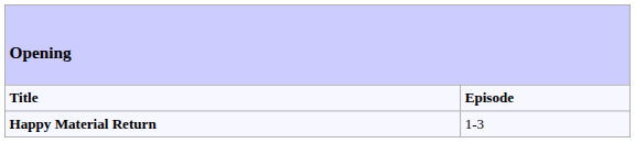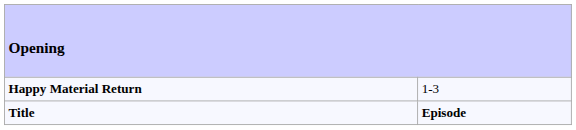 <table border="" cellpadding="4" cellspacing="0" width="100%" style="border: 1px #aaaaaa solid; border-collapse: collapse; padding: 0.2em; margin: 1em 1em 1em 0; background: #f7f8ff; font-size:0.9em">
 <tr valign="middle" bgcolor="#ccccff">
 <td colspan=2><br><h3>Opening</h3></td>
 </tr>
 <tr>
+<td><strong>Happy Material Return</strong></td>
+<td>1-3</td>
+</tr>
+<tr>
 <td><strong>Title</strong></td>
 <td><strong>Episode</strong></td>
 </tr>
-<tr>
-<td><strong>Happy Material Return</strong></td>
-<td>1-3</td>
-</tr>
 </table>
